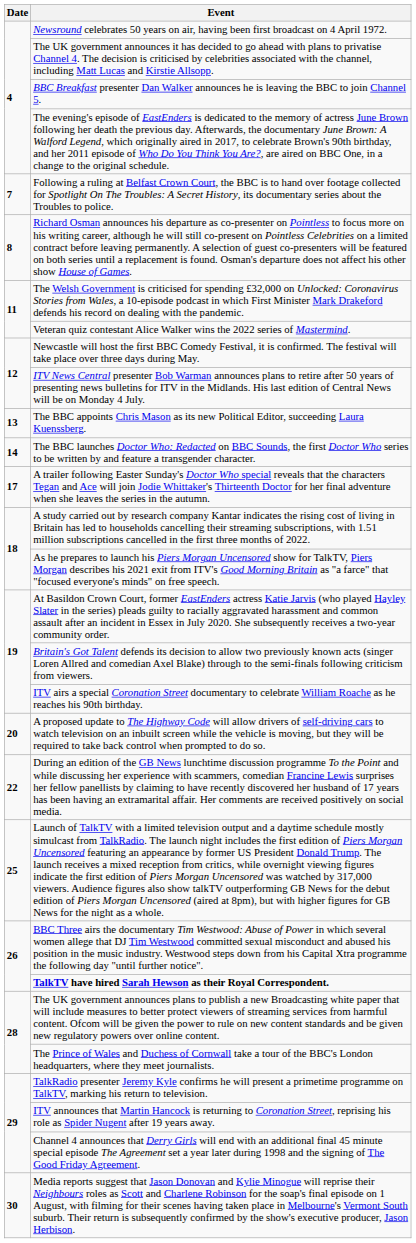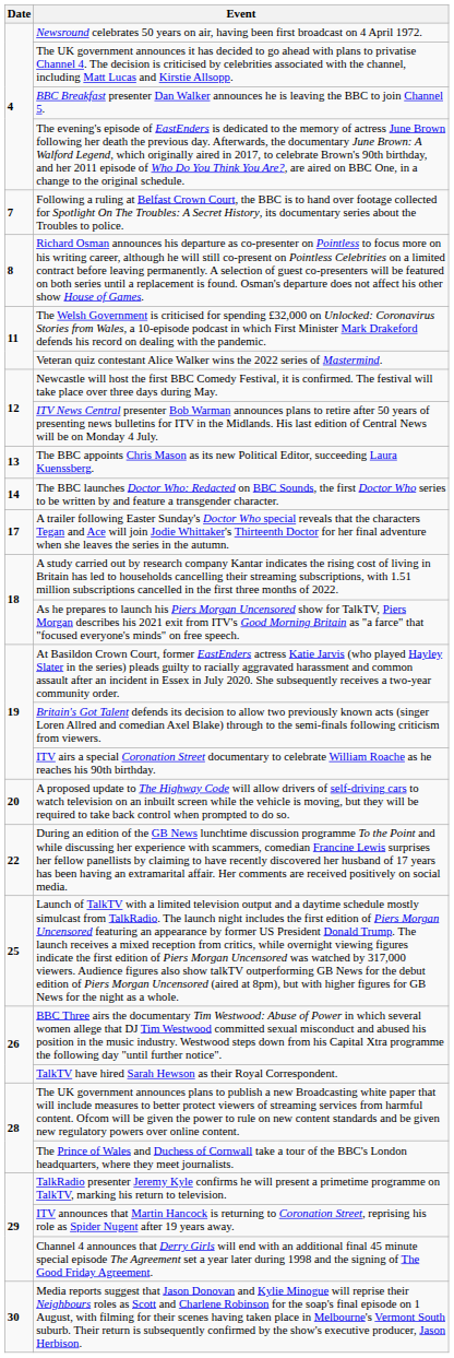 <table class="wikitable">
 <tr>
 <th>Date</th>
 <th>Event</th>
 </tr>
 <tr>
 <td rowspan=4><strong>4</strong></td>
 <td><em><a href='#'>Newsround</a></em> celebrates 50 years on air, having been first broadcast on 4 April 1972.</td>
 </tr>
 <tr>
 <td>The UK government announces it has decided to go ahead with plans to privatise <a href='#'>Channel 4</a>. The decision is criticised by celebrities associated with the channel, including <a href='#'>Matt Lucas</a> and <a href='#'>Kirstie Allsopp</a>.</td>
 </tr>
 <tr>
 <td><em><a href='#'>BBC Breakfast</a></em> presenter <a href='#'>Dan Walker</a> announces he is leaving the BBC to join <a href='#'>Channel 5</a>.</td>
 </tr>
 <tr>
 <td>The evening's episode of <em><a href='#'>EastEnders</a></em> is dedicated to the memory of actress <a href='#'>June Brown</a> following her death the previous day. Afterwards, the documentary <em>June Brown: A Walford Legend</em>, which originally aired in 2017, to celebrate Brown's 90th birthday, and her 2011 episode of <em><a href='#'>Who Do You Think You Are?</a></em>, are aired on BBC One, in a change to the original schedule.</td>
 </tr>
 <tr>
 <td><strong>7</strong></td>
 <td>Following a ruling at <a href='#'>Belfast Crown Court</a>, the BBC is to hand over footage collected for <em>Spotlight On The Troubles: A Secret History</em>, its documentary series about the Troubles to police.</td>
 </tr>
 <tr>
 <td><strong>8</strong></td>
 <td><a href='#'>Richard Osman</a> announces his departure as co-presenter on <em><a href='#'>Pointless</a></em> to focus more on his writing career, although he will still co-present on <em>Pointless Celebrities</em> on a limited contract before leaving permanently. A selection of guest co-presenters will be featured on both series until a replacement is found. Osman's departure does not affect his other show <em><a href='#'>House of Games</a></em>.</td>
 </tr>
 <tr>
 <td rowspan=2><strong>11</strong></td>
 <td>The <a href='#'>Welsh Government</a> is criticised for spending £32,000 on <em>Unlocked: Coronavirus Stories from Wales</em>, a 10-episode podcast in which First Minister <a href='#'>Mark Drakeford</a> defends his record on dealing with the pandemic.</td>
 </tr>
 <tr>
 <td>Veteran quiz contestant Alice Walker wins the 2022 series of <em><a href='#'>Mastermind</a></em>.</td>
 </tr>
 <tr>
 <td rowspan=2><strong>12</strong></td>
 <td>Newcastle will host the first BBC Comedy Festival, it is confirmed. The festival will take place over three days during May.</td>
 </tr>
 <tr>
 <td><em><a href='#'>ITV News Central</a></em> presenter <a href='#'>Bob Warman</a> announces plans to retire after 50 years of presenting news bulletins for ITV in the Midlands. His last edition of Central News will be on Monday 4 July.</td>
 </tr>
 <tr>
 <td><strong>13</strong></td>
 <td>The BBC appoints <a href='#'>Chris Mason</a> as its new Political Editor, succeeding <a href='#'>Laura Kuenssberg</a>.</td>
 </tr>
 <tr>
 <td><strong>14</strong></td>
 <td>The BBC launches <em><a href='#'>Doctor Who: Redacted</a></em> on <a href='#'>BBC Sounds</a>, the first <em><a href='#'>Doctor Who</a></em> series to be written by and feature a transgender character.</td>
 </tr>
 <tr>
 <td><strong>17</strong></td>
 <td>A trailer following Easter Sunday's <a href='#'><em>Doctor Who</em> special</a> reveals that the characters <a href='#'>Tegan</a> and <a href='#'>Ace</a> will join <a href='#'>Jodie Whittaker</a>'s <a href='#'>Thirteenth Doctor</a> for her final adventure when she leaves the series in the autumn.</td>
 </tr>
 <tr>
 <td rowspan="2"><strong>18</strong></td>
 <td>A study carried out by research company Kantar indicates the rising cost of living in Britain has led to households cancelling their streaming subscriptions, with 1.51 million subscriptions cancelled in the first three months of 2022.</td>
 </tr>
 <tr>
 <td>As he prepares to launch his <em><a href='#'>Piers Morgan Uncensored</a></em> show for TalkTV, <a href='#'>Piers Morgan</a> describes his 2021 exit from ITV's <em><a href='#'>Good Morning Britain</a></em> as "a farce" that "focused everyone's minds" on free speech.</td>
 </tr>
 <tr>
 <td rowspan=3><strong>19</strong></td>
 <td>At Basildon Crown Court, former <em><a href='#'>EastEnders</a></em> actress <a href='#'>Katie Jarvis</a> (who played <a href='#'>Hayley Slater</a> in the series) pleads guilty to racially aggravated harassment and common assault after an incident in Essex in July 2020. She subsequently receives a two-year community order.</td>
 </tr>
 <tr>
 <td><em><a href='#'>Britain's Got Talent</a></em> defends its decision to allow two previously known acts (singer Loren Allred and comedian Axel Blake) through to the semi-finals following criticism from viewers.</td>
 </tr>
 <tr>
 <td><a href='#'>ITV</a> airs a special <em><a href='#'>Coronation Street</a></em> documentary to celebrate <a href='#'>William Roache</a> as he reaches his 90th birthday.</td>
 </tr>
 <tr>
 <td><strong>20</strong></td>
 <td>A proposed update to <em><a href='#'>The Highway Code</a></em> will allow drivers of <a href='#'>self-driving cars</a> to watch television on an inbuilt screen while the vehicle is moving, but they will be required to take back control when prompted to do so.</td>
 </tr>
 <tr>
 <td><strong>22</strong></td>
 <td>During an edition of the <a href='#'>GB News</a> lunchtime discussion programme <em>To the Point</em> and while discussing her experience with scammers, comedian <a href='#'>Francine Lewis</a> surprises her fellow panellists by claiming to have recently discovered her husband of 17 years has been having an extramarital affair. Her comments are received positively on social media.</td>
 </tr>
 <tr>
 <td><strong>25</strong></td>
 <td>Launch of <a href='#'>TalkTV</a> with a limited television output and a daytime schedule mostly simulcast from <a href='#'>TalkRadio</a>. The launch night includes the first edition of <em><a href='#'>Piers Morgan Uncensored</a></em> featuring an appearance by former US President <a href='#'>Donald Trump</a>. The launch receives a mixed reception from critics, while overnight viewing figures indicate the first edition of <em>Piers Morgan Uncensored</em> was watched by 317,000 viewers. Audience figures also show talkTV outperforming GB News for the debut edition of <em>Piers Morgan Uncensored</em> (aired at 8pm), but with higher figures for GB News for the night as a whole.</td>
 </tr>
 <tr>
 <td rowspan=2><strong>26</strong></td>
 <td><a href='#'>BBC Three</a> airs the documentary <em>Tim Westwood: Abuse of Power</em> in which several women allege that DJ <a href='#'>Tim Westwood</a> committed sexual misconduct and abused his position in the music industry. Westwood steps down from his Capital Xtra programme the following day "until further notice".</td>
 </tr>
 <tr>
-<td><strong><a href='#'>TalkTV</a> have hired <a href='#'>Sarah Hewson</a> as their Royal Correspondent.</strong></td>
+<td><a href='#'>TalkTV</a> have hired <a href='#'>Sarah Hewson</a> as their Royal Correspondent.</td>
 </tr>
 <tr>
 <td rowspan=2><strong>28</strong></td>
 <td>The UK government announces plans to publish a new Broadcasting white paper that will include measures to better protect viewers of streaming services from harmful content. Ofcom will be given the power to rule on new content standards and be given new regulatory powers over online content.</td>
 </tr>
 <tr>
 <td>The <a href='#'>Prince of Wales</a> and <a href='#'>Duchess of Cornwall</a> take a tour of the BBC's London headquarters, where they meet journalists.</td>
 </tr>
 <tr>
 <td rowspan=3><strong>29</strong></td>
 <td><a href='#'>TalkRadio</a> presenter <a href='#'>Jeremy Kyle</a> confirms he will present a primetime programme on <a href='#'>TalkTV</a>, marking his return to television.</td>
 </tr>
 <tr>
 <td><a href='#'>ITV</a> announces that <a href='#'>Martin Hancock</a> is returning to <em><a href='#'>Coronation Street</a></em>, reprising his role as <a href='#'>Spider Nugent</a> after 19 years away.</td>
 </tr>
 <tr>
 <td>Channel 4 announces that <em><a href='#'>Derry Girls</a></em> will end with an additional final 45 minute special episode <em>The Agreement</em> set a year later during 1998 and the signing of <a href='#'>The Good Friday Agreement</a>.</td>
 </tr>
 <tr>
 <td><strong>30</strong></td>
 <td>Media reports suggest that <a href='#'>Jason Donovan</a> and <a href='#'>Kylie Minogue</a> will reprise their <em><a href='#'>Neighbours</a></em> roles as <a href='#'>Scott</a> and <a href='#'>Charlene Robinson</a> for the soap's final episode on 1 August, with filming for their scenes having taken place in <a href='#'>Melbourne</a>'s <a href='#'>Vermont South</a> suburb. Their return is subsequently confirmed by the show's executive producer, <a href='#'>Jason Herbison</a>.</td>
 </tr>
 </table>
